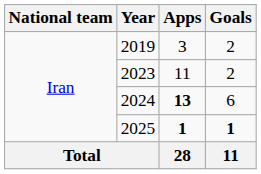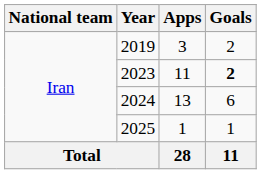 <table class=wikitable style=text-align:center>
 <tr>
 <th>National team</th>
 <th>Year</th>
 <th>Apps</th>
 <th>Goals</th>
 </tr>
 <tr>
 <td rowspan="4"><a href='#'>Iran</a></td>
 <td>2019</td>
 <td>3</td>
 <td>2</td>
 </tr>
 <tr>
 <td>2023</td>
 <td>11</td>
-<td>2</td>
+<td><strong>2</strong></td>
 </tr>
 <tr>
 <td>2024</td>
-<td><strong>13</strong></td>
+<td>13</td>
 <td>6</td>
 </tr>
 <tr>
 <td>2025</td>
-<td><strong>1</strong></td>
-<td><strong>1</strong></td>
+<td>1</td>
+<td>1</td>
 </tr>
 <tr>
 <th colspan="2">Total</th>
 <th>28</th>
 <th>11</th>
 </tr>
 </table>
